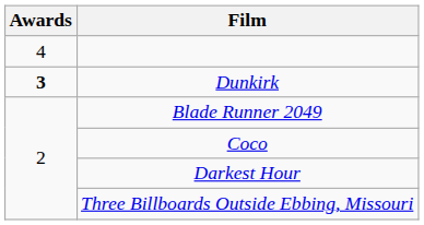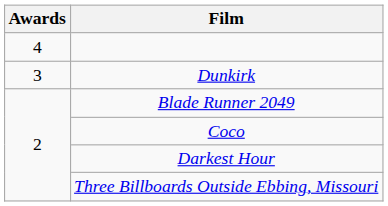 <table class="wikitable plainrowheaders" style="text-align: center; display:inline-table;">
 <tr>
 <th scope="col">Awards</th>
 <th scope="col">Film</th>
 </tr>
 <tr>
 <td scope=row style="text-align:center">4</td>
 <td><em></em></td>
 </tr>
 <tr>
-<td scope=row style="text-align:center"><strong>3</strong></td>
+<td scope=row style="text-align:center">3</td>
 <td><em><a href='#'>Dunkirk</a></em></td>
 </tr>
 <tr>
 <td scope=row rowspan=4 style="text-align:center;">2</td>
 <td><em><a href='#'>Blade Runner 2049</a></em></td>
 </tr>
 <tr>
 <td><em><a href='#'>Coco</a></em></td>
 </tr>
 <tr>
 <td><em><a href='#'>Darkest Hour</a></em></td>
 </tr>
 <tr>
 <td><em><a href='#'>Three Billboards Outside Ebbing, Missouri</a></em></td>
 </tr>
 </table>
